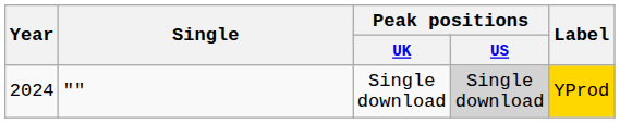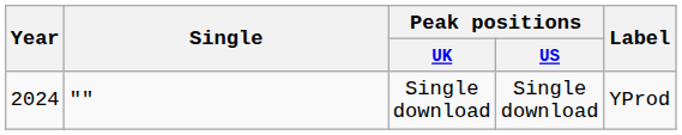 <table class="wikitable">
 <tr>
 <th rowspan="2" style="text-align:center; width:10px;">Year</th>
 <th rowspan="2" style="text-align:center; width:200px;">Single</th>
 <th style="text-align:center;" colspan="2">Peak positions</th>
 <th rowspan="2" style="text-align:center; width:40px;">Label</th>
 </tr>
 <tr>
 <th width="20"><small><a href='#'>UK</a></small></th>
 <th width="20"><small><a href='#'>US</a></small></th>
 </tr>
 <tr>
 <td style="text-align:center;" rowspan="3">2024</td>
 <td>""</td>
 <td style="text-align:center;">Single download</td>
-<td style="background: lightgrey; text-align:center;">Single download</td>
-<td style="background: gold; text-align:center;">YProd</td>
+<td style="text-align:center;">Single download</td>
+<td style="text-align:center;">YProd</td>
 </tr>
 </table>
